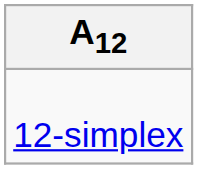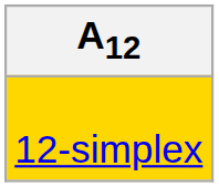 <table class=wikitable>
 <tr align=center>
 <th>A<sub>12</sub></th>
 </tr>
 <tr>
-<td><br><a href='#'>12-simplex</a></td>
+<td style="background: gold;"><br><a href='#'>12-simplex</a></td>
 </tr>
 </table>
